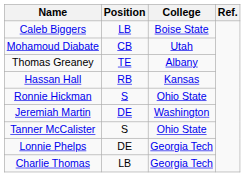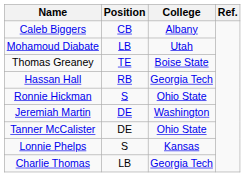 <table class="wikitable" style="text-align:center">
 <tr>
 <th>Name</th>
 <th>Position</th>
 <th>College</th>
 <th>Ref.</th>
 </tr>
 <tr>
 <td><a href='#'>Caleb Biggers</a></td>
-<td><a href='#'>LB</a></td>
-<td><a href='#'>Boise State</a></td>
+<td><a href='#'>CB</a></td>
+<td><a href='#'>Albany</a></td>
 <td rowspan="9"></td>
 </tr>
 <tr>
 <td><a href='#'>Mohamoud Diabate</a></td>
-<td><a href='#'>CB</a></td>
+<td><a href='#'>LB</a></td>
 <td><a href='#'>Utah</a></td>
 </tr>
 <tr>
 <td>Thomas Greaney</td>
 <td><a href='#'>TE</a></td>
-<td><a href='#'>Albany</a></td>
+<td><a href='#'>Boise State</a></td>
 </tr>
 <tr>
 <td><a href='#'>Hassan Hall</a></td>
 <td><a href='#'>RB</a></td>
-<td><a href='#'>Kansas</a></td>
+<td><a href='#'>Georgia Tech</a></td>
 </tr>
 <tr>
 <td><a href='#'>Ronnie Hickman</a></td>
 <td><a href='#'>S</a></td>
 <td><a href='#'>Ohio State</a></td>
 </tr>
 <tr>
 <td><a href='#'>Jeremiah Martin</a></td>
 <td><a href='#'>DE</a></td>
 <td><a href='#'>Washington</a></td>
 </tr>
 <tr>
 <td><a href='#'>Tanner McCalister</a></td>
-<td>S</td>
+<td>DE</td>
 <td><a href='#'>Ohio State</a></td>
 </tr>
 <tr>
 <td><a href='#'>Lonnie Phelps</a></td>
-<td>DE</td>
-<td><a href='#'>Georgia Tech</a></td>
+<td>S</td>
+<td><a href='#'>Kansas</a></td>
 </tr>
 <tr>
 <td><a href='#'>Charlie Thomas</a></td>
 <td>LB</td>
 <td><a href='#'>Georgia Tech</a></td>
 </tr>
 </table>
